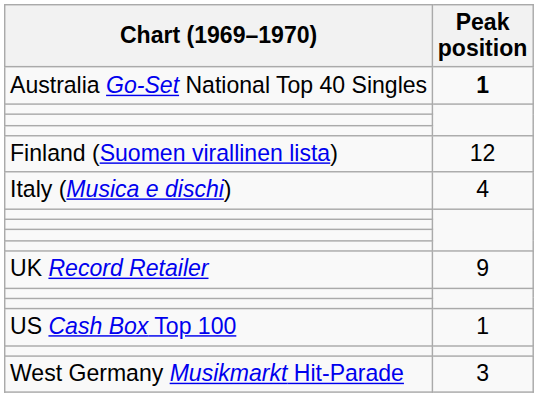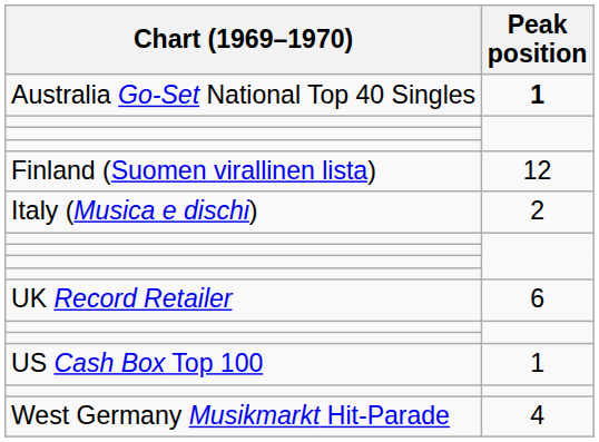 <table class="wikitable plainrowheaders sortable">
 <tr>
 <th align="left">Chart (1969–1970)</th>
 <th align="center">Peak<br>position</th>
 </tr>
 <tr>
 <td scope="row">Australia <em><a href='#'>Go-Set</a></em> National Top 40 Singles</td>
 <td style="text-align:center;"><strong>1</strong></td>
 </tr>
 <tr>
 <td></td>
 </tr>
 <tr>
 <td></td>
 </tr>
 <tr>
 <td></td>
 </tr>
 <tr>
 <td>Finland (<a href='#'>Suomen virallinen lista</a>)</td>
 <td align="center">12</td>
 </tr>
 <tr>
 <td>Italy (<em><a href='#'>Musica e dischi</a></em>)</td>
-<td align="center">4</td>
+<td align="center">2</td>
 </tr>
 <tr>
 <td></td>
 </tr>
 <tr>
 <td></td>
 </tr>
 <tr>
 <td></td>
 </tr>
 <tr>
 <td></td>
 </tr>
 <tr>
 <td scope="row">UK <em><a href='#'>Record Retailer</a></em></td>
-<td style="text-align:center;">9</td>
+<td style="text-align:center;">6</td>
 </tr>
 <tr>
 <td></td>
 </tr>
 <tr>
 <td></td>
 </tr>
 <tr>
 <td scope="row">US <a href='#'><em>Cash Box</em> Top 100</a></td>
 <td align="center">1</td>
 </tr>
 <tr>
 <td></td>
 </tr>
 <tr>
 <td scope="row">West Germany <a href='#'><em>Musikmarkt</em> Hit-Parade</a></td>
-<td align="center">3</td>
+<td align="center">4</td>
 </tr>
 </table>
